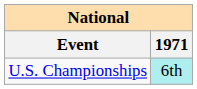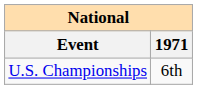 <table class="wikitable" style="text-align:center">
 <tr>
 <th style="background-color: #ffdead; " colspan=2 align=center>National</th>
 </tr>
 <tr>
 <th>Event</th>
 <th>1971</th>
 </tr>
 <tr>
 <td align=left><a href='#'>U.S. Championships</a></td>
-<td style="background: paleturquoise;">6th</td>
+<td>6th</td>
 </tr>
 </table>
